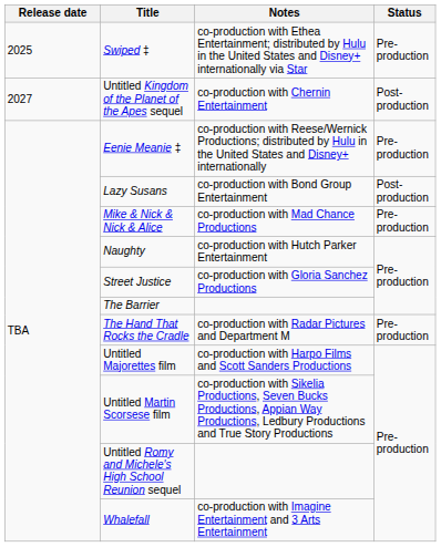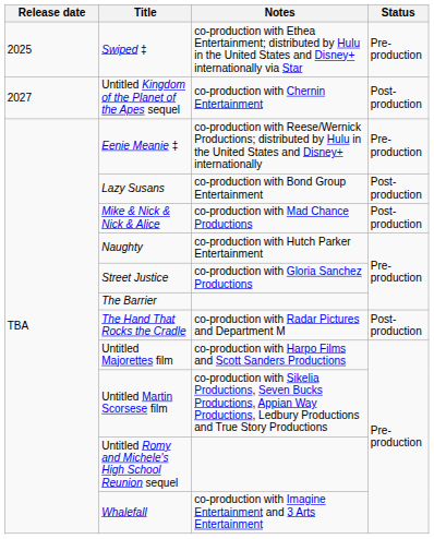 <table class="wikitable plainrowheaders sortable" style="width:99%;">
 <tr>
 <th scope="col" style="width:130px;">Release date</th>
 <th scope="col">Title</th>
 <th scope="col" class="unsortable">Notes</th>
 <th scope="col">Status</th>
 </tr>
 <tr>
 <td>2025</td>
 <td scope="row"><em><a href='#'>Swiped</a></em> ‡</td>
 <td>co-production with Ethea Entertainment; distributed by <a href='#'>Hulu</a> in the United States and <a href='#'>Disney+</a> internationally via <a href='#'>Star</a></td>
 <td>Pre-production</td>
 </tr>
 <tr>
 <td>2027</td>
 <td scope="row">Untitled <em><a href='#'>Kingdom of the Planet of the Apes</a></em> sequel</td>
 <td>co-production with <a href='#'>Chernin Entertainment</a></td>
 <td>Post-production</td>
 </tr>
 <tr>
 <td rowspan="11">TBA</td>
 <td scope="row"><em><a href='#'>Eenie Meanie</a></em> ‡</td>
 <td>co-production with Reese/Wernick Productions; distributed by <a href='#'>Hulu</a> in the United States and <a href='#'>Disney+</a> internationally</td>
 <td>Pre-production</td>
 </tr>
 <tr>
 <td scope="row"><em>Lazy Susans</em></td>
 <td>co-production with Bond Group Entertainment</td>
 <td>Post-production</td>
 </tr>
 <tr>
 <td scope="row"><em><a href='#'>Mike & Nick & Nick & Alice</a></em></td>
 <td>co-production with <a href='#'>Mad Chance Productions</a></td>
-<td>Pre-production</td>
+<td>Post-production</td>
 </tr>
 <tr>
 <td scope="row"><em>Naughty</em></td>
 <td>co-production with Hutch Parker Entertainment</td>
 <td rowspan="3">Pre-production</td>
 </tr>
 <tr>
 <td scope="row"><em>Street Justice</em></td>
 <td>co-production with <a href='#'>Gloria Sanchez Productions</a></td>
 </tr>
 <tr>
 <td scope="row'"><em>The Barrier</em></td>
 <td></td>
 </tr>
 <tr>
 <td scope="row"><em><a href='#'>The Hand That Rocks the Cradle</a></em></td>
 <td>co-production with <a href='#'>Radar Pictures</a> and Department M</td>
-<td>Pre-production</td>
+<td>Post-production</td>
 </tr>
 <tr>
 <td scope="row">Untitled <a href='#'>Majorettes</a> film</td>
 <td>co-production with <a href='#'>Harpo Films</a> and <a href='#'>Scott Sanders Productions</a></td>
 <td rowspan="4">Pre-production</td>
 </tr>
 <tr>
 <td scope="row">Untitled <a href='#'>Martin Scorsese</a> film</td>
 <td>co-production with <a href='#'>Sikelia Productions</a>, <a href='#'>Seven Bucks Productions</a>, <a href='#'>Appian Way Productions</a>, Ledbury Productions and True Story Productions</td>
 </tr>
 <tr>
 <td scope="row">Untitled <em><a href='#'>Romy and Michele's High School Reunion</a></em> sequel</td>
 <td></td>
 </tr>
 <tr>
 <td scope="row"><em><a href='#'>Whalefall</a></em></td>
 <td>co-production with <a href='#'>Imagine Entertainment</a> and <a href='#'>3 Arts Entertainment</a></td>
 </tr>
 </table>
